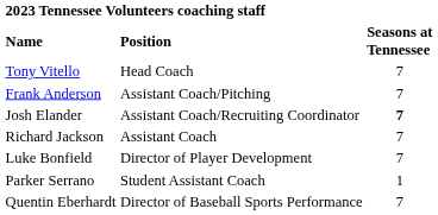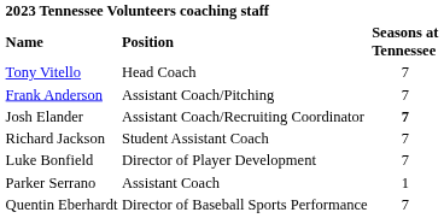 <table class="toccolours" style="text-align: left; font-size:90%;">
 <tr>
 <th colspan="9">2023 Tennessee Volunteers coaching staff</th>
 </tr>
 <tr>
 <th>Name</th>
 <th>Position</th>
 <th>Seasons at<br>Tennessee</th>
 </tr>
 <tr>
 <td><a href='#'>Tony Vitello</a></td>
 <td>Head Coach</td>
 <td align=center>7</td>
 </tr>
 <tr>
 <td><a href='#'>Frank Anderson</a></td>
 <td>Assistant Coach/Pitching</td>
 <td align=center>7</td>
 </tr>
 <tr>
 <td>Josh Elander</td>
 <td>Assistant Coach/Recruiting Coordinator</td>
 <td align=center><strong>7</strong></td>
 </tr>
 <tr>
 <td>Richard Jackson</td>
-<td>Assistant Coach</td>
+<td>Student Assistant Coach</td>
 <td align=center>7</td>
 </tr>
 <tr>
 <td>Luke Bonfield</td>
 <td>Director of Player Development</td>
 <td align=center>7</td>
 </tr>
 <tr>
 <td>Parker Serrano</td>
-<td>Student Assistant Coach</td>
+<td>Assistant Coach</td>
 <td align=center>1</td>
 </tr>
 <tr>
 <td>Quentin Eberhardt</td>
 <td>Director of Baseball Sports Performance</td>
 <td align=center>7</td>
 </tr>
 </table>
